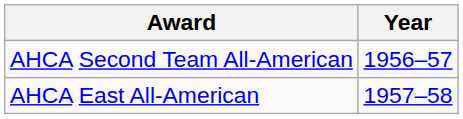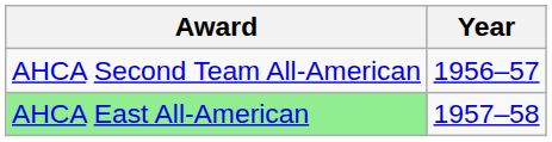 <table class="wikitable">
 <tr>
 <th>Award</th>
 <th>Year</th>
 </tr>
 <tr>
 <td><a href='#'>AHCA</a> <a href='#'>Second Team All-American</a></td>
 <td><a href='#'>1956–57</a></td>
 </tr>
 <tr>
-<td><a href='#'>AHCA</a> <a href='#'>East All-American</a></td>
+<td style="background: lightgreen;"><a href='#'>AHCA</a> <a href='#'>East All-American</a></td>
 <td><a href='#'>1957–58</a></td>
 </tr>
 </table>
